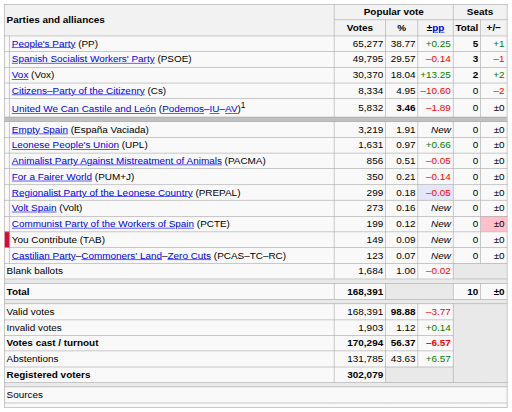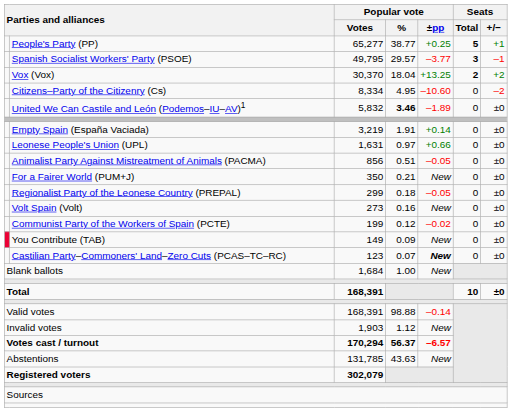 <table class="wikitable" style="text-align:right;">
 <tr>
 <th style="text-align:left;" rowspan="2" colspan="2" width="525">Parties and alliances</th>
 <th colspan="3">Popular vote</th>
 <th colspan="2">Seats</th>
 </tr>
 <tr>
 <th width="75">Votes</th>
 <th width="45">%</th>
 <th width="45">±<a href='#'>pp</a></th>
 <th width="35">Total</th>
 <th width="35">+/−</th>
 </tr>
 <tr>
 <td width="1" style="color:inherit;background:"></td>
 <td align="left"><a href='#'>People's Party</a> (PP)</td>
 <td>65,277</td>
 <td>38.77</td>
 <td style="color:green;">+0.25</td>
 <td><strong>5</strong></td>
 <td style="color:green;">+1</td>
 </tr>
 <tr>
 <td style="color:inherit;background:"></td>
 <td align="left"><a href='#'>Spanish Socialist Workers' Party</a> (PSOE)</td>
 <td>49,795</td>
 <td>29.57</td>
-<td style="color:red;">–0.14</td>
+<td style="color:red;">–3.77</td>
 <td><strong>3</strong></td>
 <td style="color:red;">–1</td>
 </tr>
 <tr>
 <td style="color:inherit;background:"></td>
 <td align="left"><a href='#'>Vox</a> (Vox)</td>
 <td>30,370</td>
 <td>18.04</td>
 <td style="color:green;">+13.25</td>
 <td><strong>2</strong></td>
 <td style="color:green;">+2</td>
 </tr>
 <tr>
 <td style="color:inherit;background:"></td>
 <td align="left"><a href='#'>Citizens–Party of the Citizenry</a> (Cs)</td>
 <td>8,334</td>
 <td>4.95</td>
 <td style="color:red;">–10.60</td>
 <td>0</td>
 <td style="color:red;">–2</td>
 </tr>
 <tr>
 <td style="color:inherit;background:"></td>
 <td align="left"><a href='#'>United We Can Castile and León</a> (<a href='#'>Podemos</a>–<a href='#'>IU</a>–<a href='#'>AV</a>)<sup>1</sup></td>
 <td>5,832</td>
 <td><strong>3.46</strong></td>
 <td style="color:red;">–1.89</td>
 <td>0</td>
 <td>±0</td>
 </tr>
 <tr>
 <td colspan="7" bgcolor="#C0C0C0"></td>
 </tr>
 <tr>
 <td style="color:inherit;background:"></td>
 <td align="left"><a href='#'>Empty Spain</a> (España Vaciada)</td>
 <td>3,219</td>
 <td>1.91</td>
-<td><em>New</em></td>
+<td style="color:green;">+0.14</td>
 <td>0</td>
 <td>±0</td>
 </tr>
 <tr>
 <td style="color:inherit;background:"></td>
 <td align="left"><a href='#'>Leonese People's Union</a> (UPL)</td>
 <td>1,631</td>
 <td>0.97</td>
 <td style="color:green;">+0.66</td>
 <td>0</td>
 <td>±0</td>
 </tr>
 <tr>
 <td style="color:inherit;background:"></td>
 <td align="left"><a href='#'>Animalist Party Against Mistreatment of Animals</a> (PACMA)</td>
 <td>856</td>
 <td>0.51</td>
 <td style="color:red;">–0.05</td>
 <td>0</td>
 <td>±0</td>
 </tr>
 <tr>
 <td style="color:inherit;background:"></td>
 <td align="left"><a href='#'>For a Fairer World</a> (PUM+J)</td>
 <td>350</td>
 <td>0.21</td>
-<td style="color:red;">–0.14</td>
+<td><em>New</em></td>
 <td>0</td>
 <td>±0</td>
 </tr>
 <tr>
 <td style="color:inherit;background:"></td>
 <td align="left"><a href='#'>Regionalist Party of the Leonese Country</a> (PREPAL)</td>
 <td>299</td>
 <td>0.18</td>
-<td style="background: lavender; color:red;">–0.05</td>
+<td style="color:red;">–0.05</td>
 <td>0</td>
 <td>±0</td>
 </tr>
 <tr>
 <td style="color:inherit;background:"></td>
 <td align="left"><a href='#'>Volt Spain</a> (Volt)</td>
 <td>273</td>
 <td>0.16</td>
 <td><em>New</em></td>
 <td>0</td>
 <td>±0</td>
 </tr>
 <tr>
 <td style="color:inherit;background:"></td>
 <td align="left"><a href='#'>Communist Party of the Workers of Spain</a> (PCTE)</td>
 <td>199</td>
 <td>0.12</td>
-<td><em>New</em></td>
+<td style="color:red;">–0.02</td>
 <td>0</td>
-<td style="background: pink;">±0</td>
+<td>±0</td>
 </tr>
 <tr>
 <td bgcolor="#EC0035"></td>
 <td align="left">You Contribute (TAB)</td>
 <td>149</td>
 <td>0.09</td>
 <td><em>New</em></td>
 <td>0</td>
 <td>±0</td>
 </tr>
 <tr>
 <td style="color:inherit;background:"></td>
 <td align="left"><a href='#'>Castilian Party</a>–<a href='#'>Commoners' Land</a>–<a href='#'>Zero Cuts</a> (PCAS–TC–RC)</td>
 <td>123</td>
 <td>0.07</td>
-<td><em>New</em></td>
+<td><strong><em>New</em></strong></td>
 <td>0</td>
 <td>±0</td>
 </tr>
 <tr>
 <td align="left" colspan="2">Blank ballots</td>
 <td>1,684</td>
 <td>1.00</td>
-<td style="color:red;">–0.02</td>
+<td><em>New</em></td>
 <td bgcolor="#E9E9E9" colspan="2"></td>
 </tr>
 <tr>
 <td colspan="7" bgcolor="#E9E9E9"></td>
 </tr>
 <tr style="font-weight:bold;">
 <td align="left" colspan="2">Total</td>
 <td>168,391</td>
 <td bgcolor="#E9E9E9" colspan="2"></td>
 <td>10</td>
 <td>±0</td>
 </tr>
 <tr>
 <td colspan="7" bgcolor="#E9E9E9"></td>
 </tr>
 <tr>
 <td align="left" colspan="2">Valid votes</td>
 <td>168,391</td>
-<td><strong>98.88</strong></td>
-<td style="color:red;">–3.77</td>
+<td>98.88</td>
+<td style="color:red;">–0.14</td>
 <td bgcolor="#E9E9E9" colspan="2" rowspan="5"></td>
 </tr>
 <tr>
 <td align="left" colspan="2">Invalid votes</td>
 <td>1,903</td>
 <td>1.12</td>
-<td style="color:green;">+0.14</td>
+<td><em>New</em></td>
 </tr>
 <tr style="font-weight:bold;">
 <td align="left" colspan="2">Votes cast / turnout</td>
 <td>170,294</td>
 <td>56.37</td>
 <td style="color:red;">–6.57</td>
 </tr>
 <tr>
 <td align="left" colspan="2">Abstentions</td>
 <td>131,785</td>
 <td>43.63</td>
-<td style="color:green;">+6.57</td>
+<td><em>New</em></td>
 </tr>
 <tr style="font-weight:bold;">
 <td align="left" colspan="2">Registered voters</td>
 <td>302,079</td>
 <td bgcolor="#E9E9E9" colspan="2"></td>
 </tr>
 <tr>
 <td colspan="7" bgcolor="#E9E9E9"></td>
 </tr>
 <tr>
 <td align="left" colspan="7">Sources</td>
 </tr>
 <tr>
 <td colspan="7" style="text-align:left; max-width:790px;"></td>
 </tr>
 </table>
